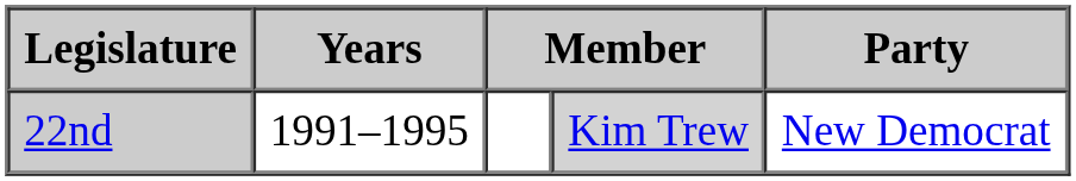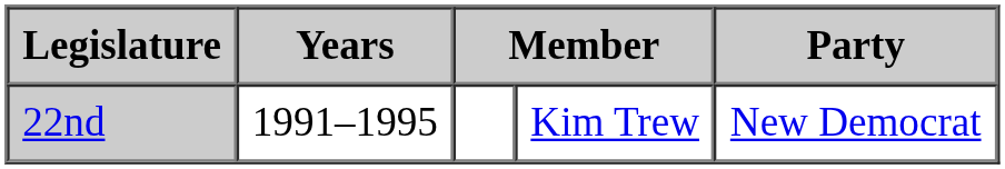 <table border=1 cellpadding=5 cellspacing=0>
 <tr bgcolor="CCCCCC">
 <th>Legislature</th>
 <th>Years</th>
 <th colspan="2">Member</th>
 <th>Party</th>
 </tr>
 <tr>
 <td bgcolor="CCCCCC"><a href='#'>22nd</a></td>
 <td>1991–1995</td>
 <td>   </td>
-<td style="background: lightgrey;"><a href='#'>Kim Trew</a></td>
+<td><a href='#'>Kim Trew</a></td>
 <td><a href='#'>New Democrat</a></td>
 </tr>
 </table>
